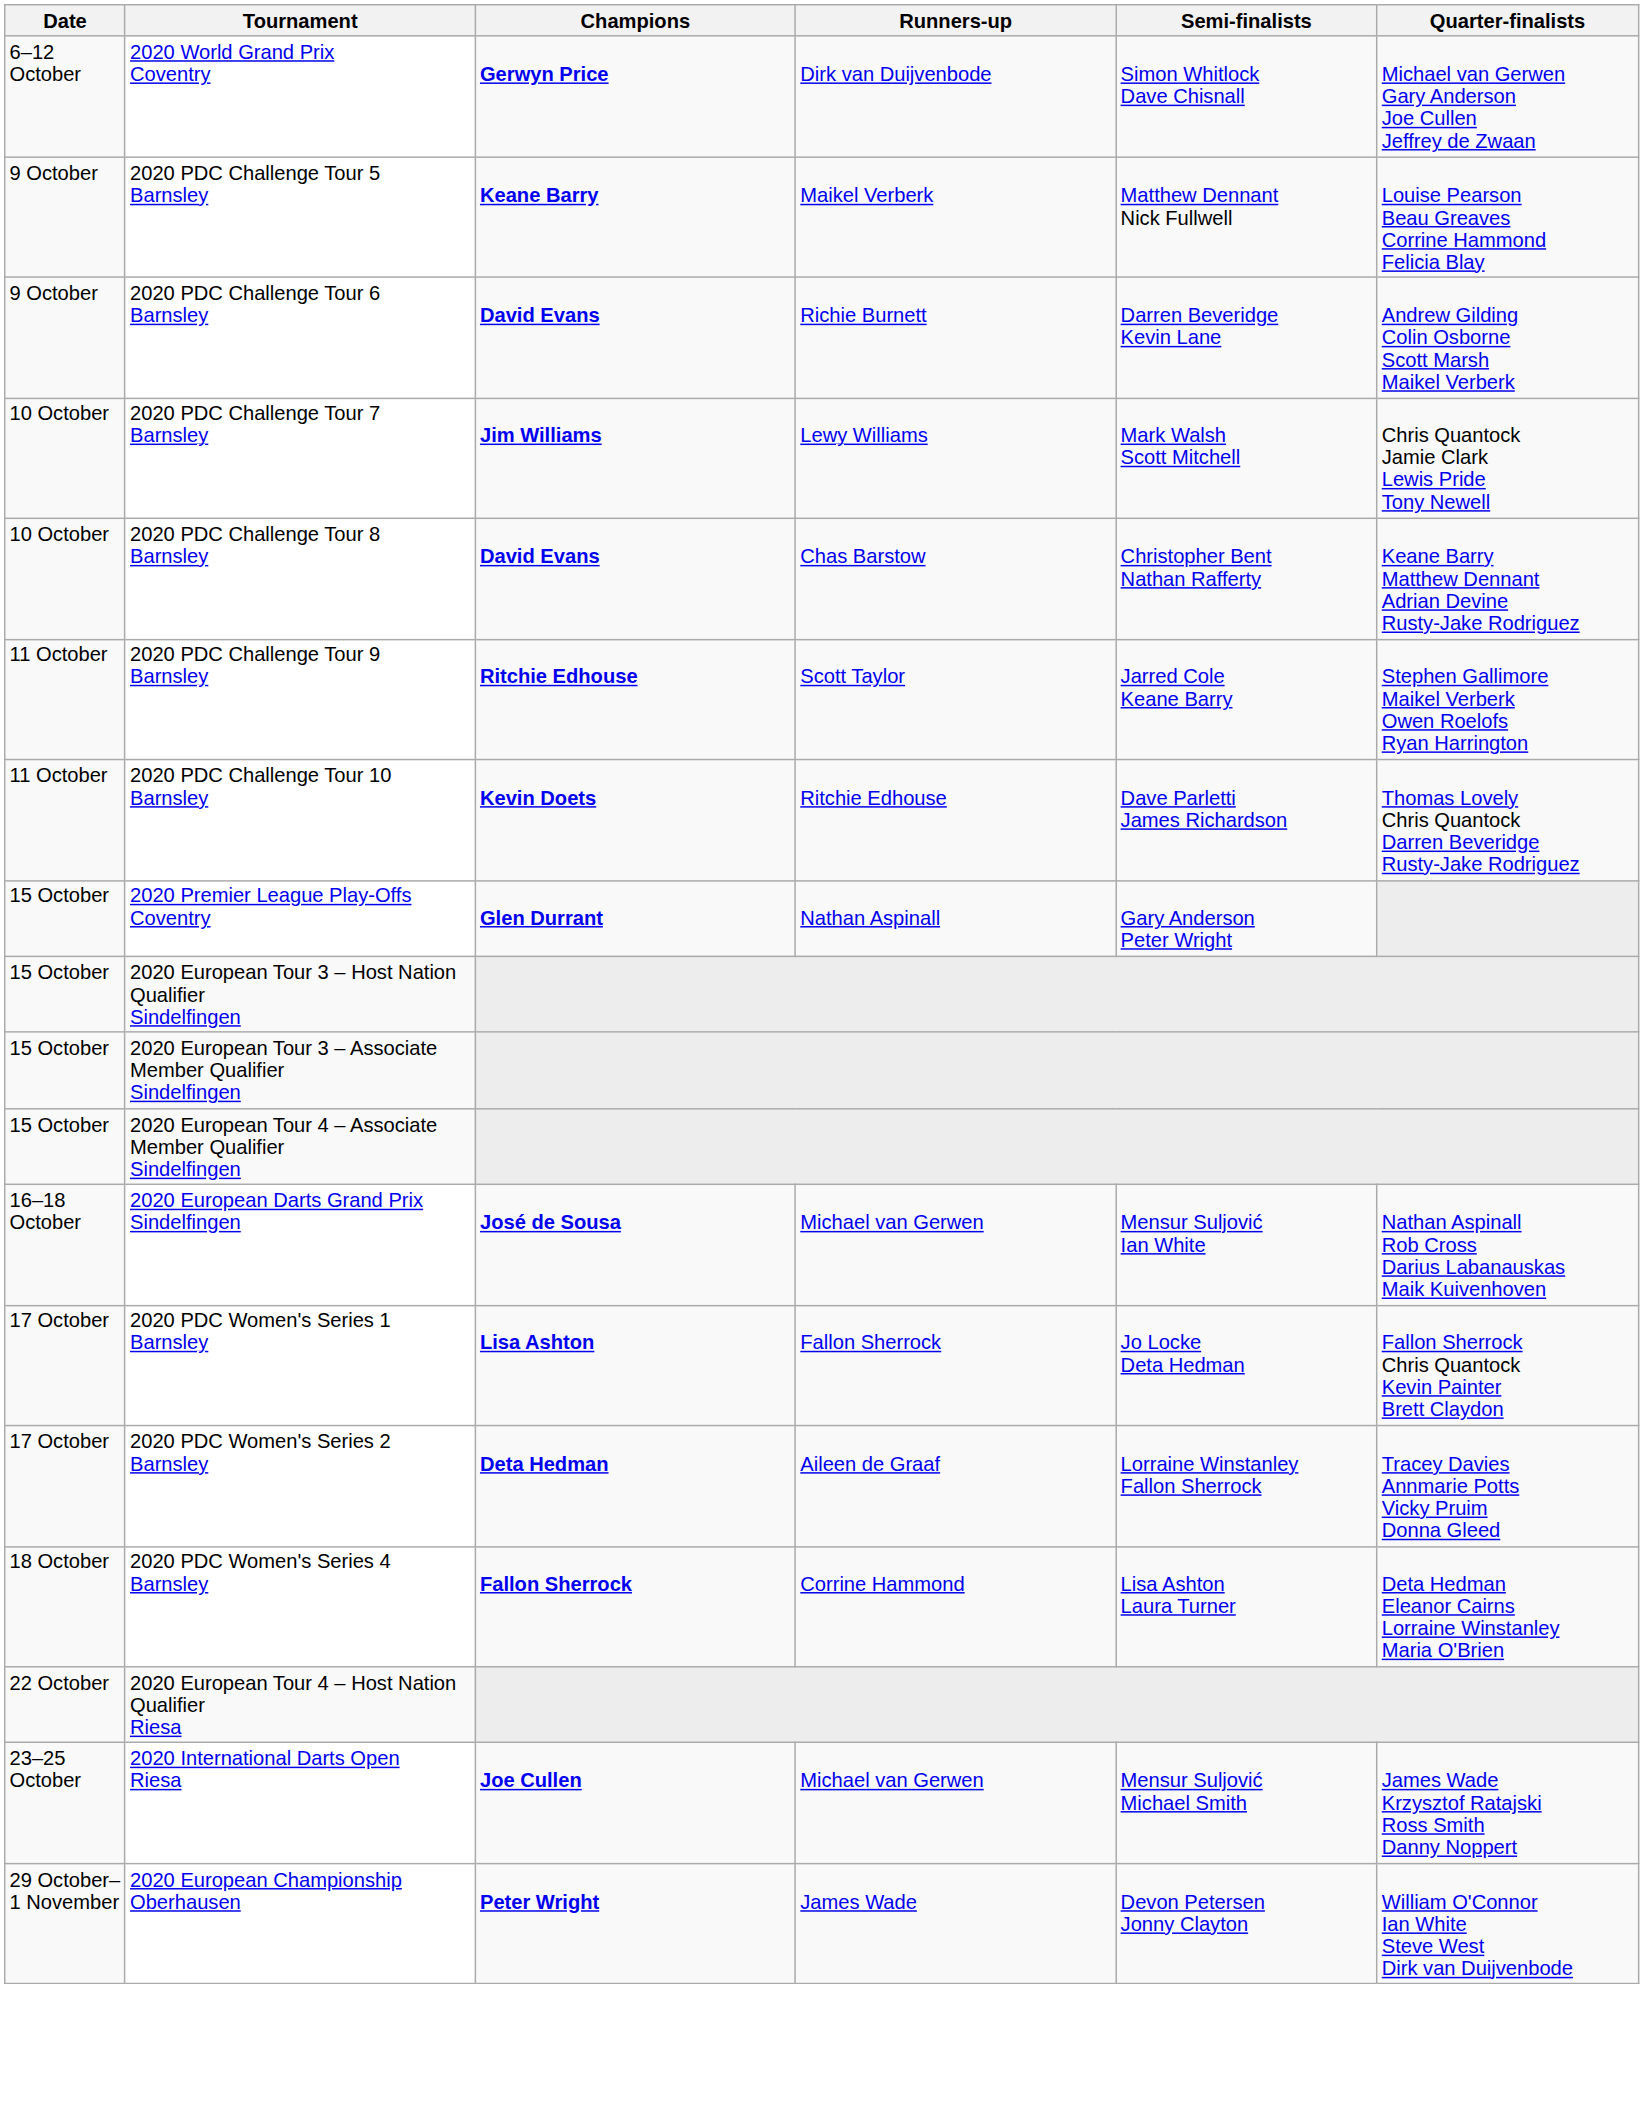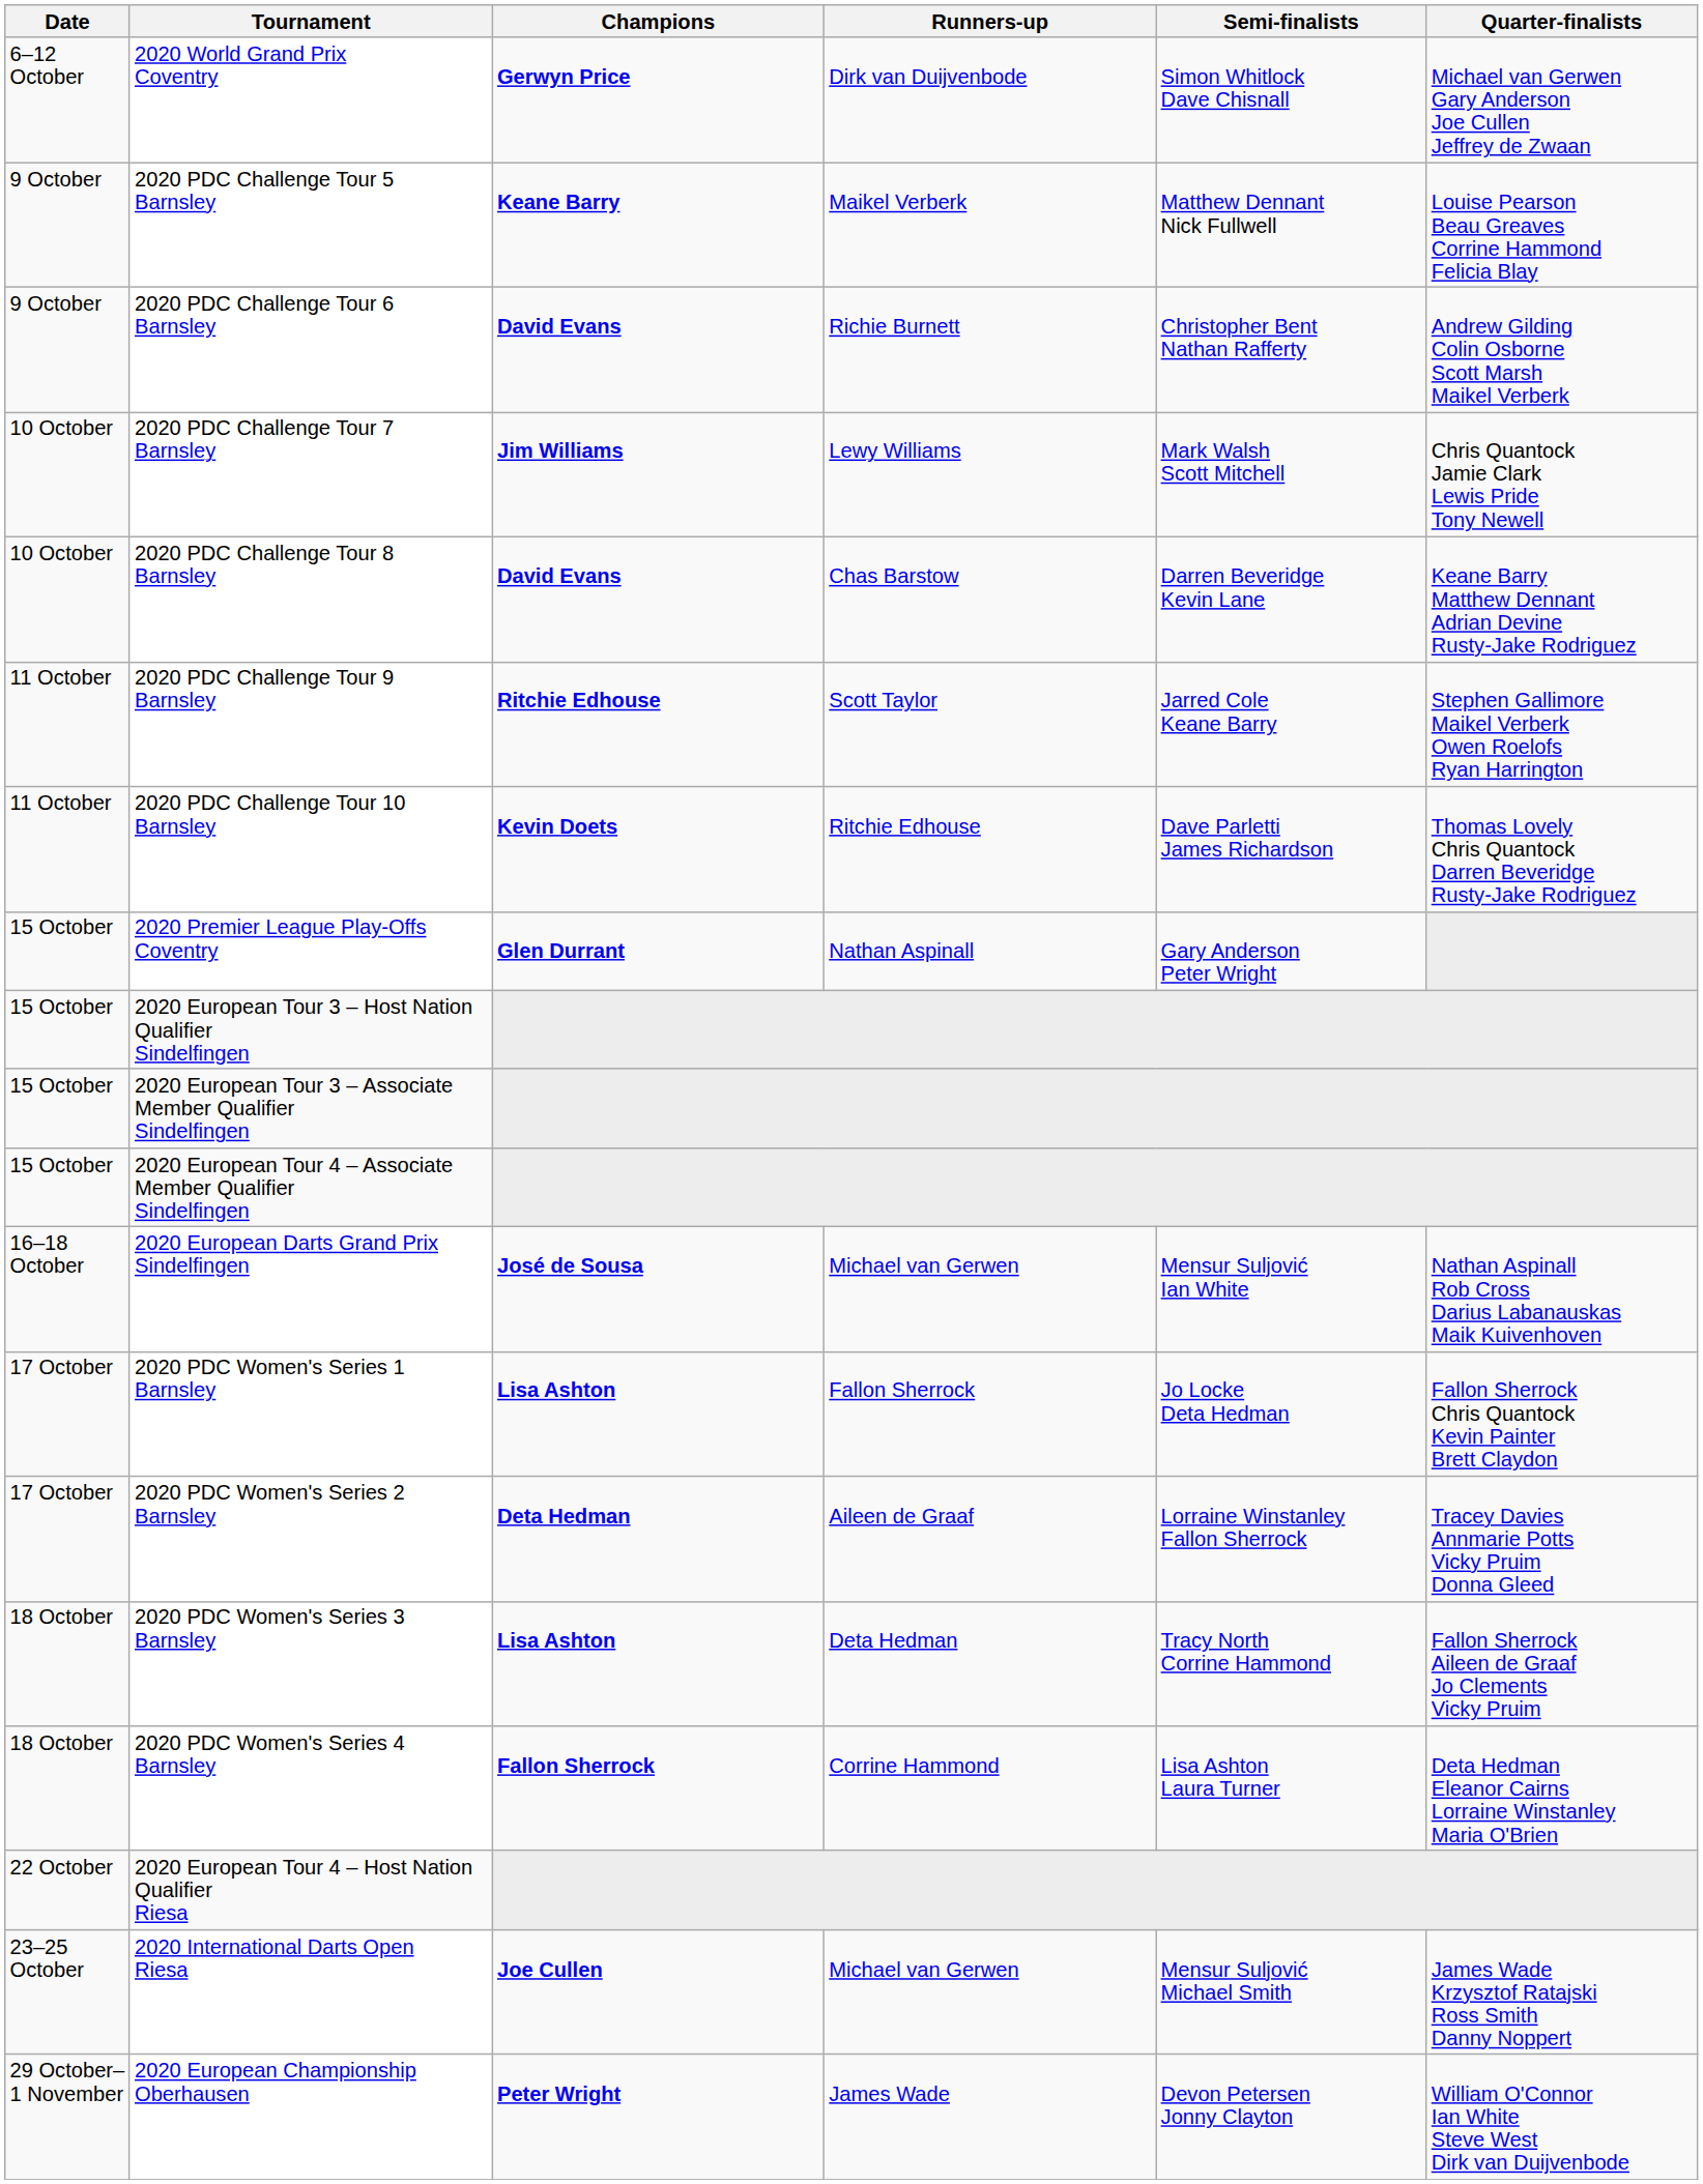 <table class=wikitable style=font-size:85%>
 <tr>
 <th width=75>Date</th>
 <th width=230>Tournament</th>
 <th width=210>Champions</th>
 <th width=210>Runners-up</th>
 <th width=170>Semi-finalists</th>
 <th width=170>Quarter-finalists</th>
 </tr>
 <tr valign="top">
 <td>6–12 October</td>
 <td bgcolor="#ffffff"><a href='#'>2020 World Grand Prix</a><br> <a href='#'>Coventry</a></td>
 <td><br> <strong><a href='#'>Gerwyn Price</a></strong></td>
 <td><br> <a href='#'>Dirk van Duijvenbode</a></td>
 <td><br> <a href='#'>Simon Whitlock</a> <br>  <a href='#'>Dave Chisnall</a> <br></td>
 <td><br> <a href='#'>Michael van Gerwen</a> <br>  <a href='#'>Gary Anderson</a> <br>  <a href='#'>Joe Cullen</a> <br>  <a href='#'>Jeffrey de Zwaan</a></td>
 </tr>
 <tr valign="top">
 <td>9 October</td>
 <td bgcolor="#ffffff">2020 PDC Challenge Tour 5<br> <a href='#'>Barnsley</a></td>
 <td><br> <strong><a href='#'>Keane Barry</a></strong></td>
 <td><br> <a href='#'>Maikel Verberk</a></td>
 <td><br> <a href='#'>Matthew Dennant</a> <br>  Nick Fullwell</td>
 <td><br> <a href='#'>Louise Pearson</a> <br>  <a href='#'>Beau Greaves</a> <br>  <a href='#'>Corrine Hammond</a> <br>  <a href='#'>Felicia Blay</a></td>
 </tr>
 <tr valign="top">
 <td>9 October</td>
 <td bgcolor="#ffffff">2020 PDC Challenge Tour 6<br> <a href='#'>Barnsley</a></td>
 <td><br> <strong><a href='#'>David Evans</a></strong></td>
 <td><br> <a href='#'>Richie Burnett</a></td>
-<td><br> <a href='#'>Darren Beveridge</a> <br>  <a href='#'>Kevin Lane</a></td>
+<td><br> <a href='#'>Christopher Bent</a> <br>  <a href='#'>Nathan Rafferty</a></td>
 <td><br> <a href='#'>Andrew Gilding</a> <br>  <a href='#'>Colin Osborne</a> <br>  <a href='#'>Scott Marsh</a> <br>  <a href='#'>Maikel Verberk</a></td>
 </tr>
 <tr valign="top">
 <td>10 October</td>
 <td bgcolor="#ffffff">2020 PDC Challenge Tour 7<br> <a href='#'>Barnsley</a></td>
 <td><br> <strong><a href='#'>Jim Williams</a></strong></td>
 <td><br> <a href='#'>Lewy Williams</a></td>
 <td><br> <a href='#'>Mark Walsh</a> <br>  <a href='#'>Scott Mitchell</a></td>
 <td><br> Chris Quantock <br>  Jamie Clark <br>  <a href='#'>Lewis Pride</a> <br>  <a href='#'>Tony Newell</a></td>
 </tr>
 <tr valign="top">
 <td>10 October</td>
 <td bgcolor="#ffffff">2020 PDC Challenge Tour 8<br> <a href='#'>Barnsley</a></td>
 <td><br> <strong><a href='#'>David Evans</a></strong></td>
 <td><br> <a href='#'>Chas Barstow</a></td>
-<td><br> <a href='#'>Christopher Bent</a> <br>  <a href='#'>Nathan Rafferty</a></td>
+<td><br> <a href='#'>Darren Beveridge</a> <br>  <a href='#'>Kevin Lane</a></td>
 <td><br> <a href='#'>Keane Barry</a> <br>  <a href='#'>Matthew Dennant</a> <br>  <a href='#'>Adrian Devine</a> <br>  <a href='#'>Rusty-Jake Rodriguez</a></td>
 </tr>
 <tr valign="top">
 <td>11 October</td>
 <td bgcolor="#ffffff">2020 PDC Challenge Tour 9<br> <a href='#'>Barnsley</a></td>
 <td><br> <strong><a href='#'>Ritchie Edhouse</a></strong></td>
 <td><br> <a href='#'>Scott Taylor</a></td>
 <td><br> <a href='#'>Jarred Cole</a> <br>  <a href='#'>Keane Barry</a></td>
 <td><br> <a href='#'>Stephen Gallimore</a> <br>  <a href='#'>Maikel Verberk</a> <br>  <a href='#'>Owen Roelofs</a> <br>  <a href='#'>Ryan Harrington</a></td>
 </tr>
 <tr valign="top">
 <td>11 October</td>
 <td bgcolor="#ffffff">2020 PDC Challenge Tour 10<br> <a href='#'>Barnsley</a></td>
 <td><br> <strong><a href='#'>Kevin Doets</a></strong></td>
 <td><br> <a href='#'>Ritchie Edhouse</a></td>
 <td><br> <a href='#'>Dave Parletti</a> <br>  <a href='#'>James Richardson</a></td>
 <td><br> <a href='#'>Thomas Lovely</a> <br>  Chris Quantock <br>  <a href='#'>Darren Beveridge</a> <br>  <a href='#'>Rusty-Jake Rodriguez</a></td>
 </tr>
 <tr valign="top">
 <td>15 October</td>
 <td bgcolor="#ffffff"><a href='#'>2020 Premier League Play-Offs</a><br> <a href='#'>Coventry</a></td>
 <td><br> <strong><a href='#'>Glen Durrant</a></strong></td>
 <td><br> <a href='#'>Nathan Aspinall</a></td>
 <td><br> <a href='#'>Gary Anderson</a> <br>  <a href='#'>Peter Wright</a></td>
 <td bgcolor="#ededed"></td>
 </tr>
 <tr valign="top">
 <td rowspan=1>15 October</td>
 <td>2020 European Tour 3 – Host Nation Qualifier<br> <a href='#'>Sindelfingen</a></td>
 <td colspan=4 bgcolor="#ededed"></td>
 </tr>
 <tr valign="top">
 <td rowspan=1>15 October</td>
 <td>2020 European Tour 3 – Associate Member Qualifier<br> <a href='#'>Sindelfingen</a></td>
 <td colspan=4 bgcolor="#ededed"></td>
 </tr>
 <tr valign="top">
 <td rowspan=1>15 October</td>
 <td>2020 European Tour 4 – Associate Member Qualifier<br> <a href='#'>Sindelfingen</a></td>
 <td colspan=4 bgcolor="#ededed"></td>
 </tr>
 <tr valign="top">
 <td>16–18 October</td>
 <td bgcolor="#ffffff"><a href='#'>2020 European Darts Grand Prix</a><br> <a href='#'>Sindelfingen</a></td>
 <td><br> <strong><a href='#'>José de Sousa</a></strong></td>
 <td><br> <a href='#'>Michael van Gerwen</a></td>
 <td><br> <a href='#'>Mensur Suljović</a> <br>  <a href='#'>Ian White</a></td>
 <td><br> <a href='#'>Nathan Aspinall</a> <br>  <a href='#'>Rob Cross</a> <br>  <a href='#'>Darius Labanauskas</a> <br>  <a href='#'>Maik Kuivenhoven</a></td>
 </tr>
 <tr valign="top">
 <td>17 October</td>
 <td bgcolor="#ffffff">2020 PDC Women's Series 1<br> <a href='#'>Barnsley</a></td>
 <td><br> <strong><a href='#'>Lisa Ashton</a></strong></td>
 <td><br> <a href='#'>Fallon Sherrock</a></td>
 <td><br> <a href='#'>Jo Locke</a> <br>  <a href='#'>Deta Hedman</a></td>
 <td><br> <a href='#'>Fallon Sherrock</a> <br>  Chris Quantock <br>  <a href='#'>Kevin Painter</a> <br>  <a href='#'>Brett Claydon</a></td>
 </tr>
 <tr valign="top">
 <td>17 October</td>
 <td bgcolor="#ffffff">2020 PDC Women's Series 2<br> <a href='#'>Barnsley</a></td>
 <td><br> <strong><a href='#'>Deta Hedman</a></strong></td>
 <td><br> <a href='#'>Aileen de Graaf</a></td>
 <td><br> <a href='#'>Lorraine Winstanley</a> <br>  <a href='#'>Fallon Sherrock</a></td>
 <td><br> <a href='#'>Tracey Davies</a> <br>  <a href='#'>Annmarie Potts</a> <br>  <a href='#'>Vicky Pruim</a> <br>  <a href='#'>Donna Gleed</a></td>
 </tr>
 <tr valign="top">
 <td>18 October</td>
+<td bgcolor="#ffffff">2020 PDC Women's Series 3<br> <a href='#'>Barnsley</a></td>
+<td><br> <strong><a href='#'>Lisa Ashton</a></strong></td>
+<td><br> <a href='#'>Deta Hedman</a></td>
+<td><br> <a href='#'>Tracy North</a> <br>  <a href='#'>Corrine Hammond</a></td>
+<td><br> <a href='#'>Fallon Sherrock</a> <br>  <a href='#'>Aileen de Graaf</a> <br>  <a href='#'>Jo Clements</a> <br>  <a href='#'>Vicky Pruim</a></td>
+</tr>
+<tr valign="top">
+<td>18 October</td>
 <td bgcolor="#ffffff">2020 PDC Women's Series 4<br> <a href='#'>Barnsley</a></td>
 <td><br> <strong><a href='#'>Fallon Sherrock</a></strong></td>
 <td><br> <a href='#'>Corrine Hammond</a></td>
 <td><br> <a href='#'>Lisa Ashton</a> <br>  <a href='#'>Laura Turner</a></td>
 <td><br> <a href='#'>Deta Hedman</a> <br>  <a href='#'>Eleanor Cairns</a> <br>  <a href='#'>Lorraine Winstanley</a> <br>  <a href='#'>Maria O'Brien</a></td>
 </tr>
 <tr valign="top">
 <td rowspan=1>22 October</td>
 <td>2020 European Tour 4 – Host Nation Qualifier<br> <a href='#'>Riesa</a></td>
 <td colspan=4 bgcolor="#ededed"></td>
 </tr>
 <tr valign="top">
 <td>23–25 October</td>
 <td bgcolor="#ffffff"><a href='#'>2020 International Darts Open</a><br> <a href='#'>Riesa</a></td>
 <td><br> <strong><a href='#'>Joe Cullen</a></strong></td>
 <td><br> <a href='#'>Michael van Gerwen</a></td>
 <td><br> <a href='#'>Mensur Suljović</a> <br>  <a href='#'>Michael Smith</a></td>
 <td><br> <a href='#'>James Wade</a> <br>  <a href='#'>Krzysztof Ratajski</a> <br>  <a href='#'>Ross Smith</a> <br>  <a href='#'>Danny Noppert</a></td>
 </tr>
 <tr valign="top">
 <td>29 October–1 November</td>
 <td bgcolor="#ffffff"><a href='#'>2020 European Championship</a><br> <a href='#'>Oberhausen</a></td>
 <td><br> <strong><a href='#'>Peter Wright</a></strong></td>
 <td><br> <a href='#'>James Wade</a></td>
 <td><br> <a href='#'>Devon Petersen</a> <br>  <a href='#'>Jonny Clayton</a></td>
 <td><br> <a href='#'>William O'Connor</a> <br>  <a href='#'>Ian White</a> <br>  <a href='#'>Steve West</a> <br>  <a href='#'>Dirk van Duijvenbode</a></td>
 </tr>
 </table>
